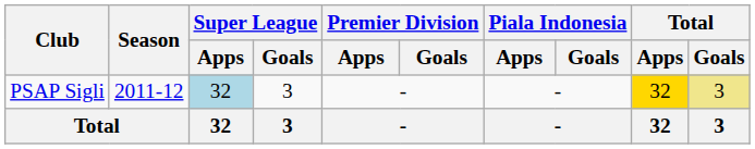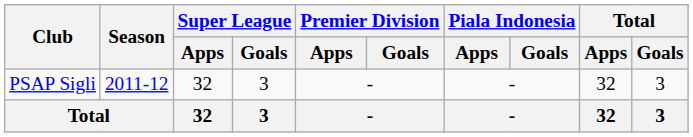 <table class="wikitable" style="font-size:90%; text-align:center;">
 <tr>
 <th rowspan="2">Club</th>
 <th rowspan="2">Season</th>
 <th colspan="2"><a href='#'>Super League</a></th>
 <th colspan="2"><a href='#'>Premier Division</a></th>
 <th colspan="2"><a href='#'>Piala Indonesia</a></th>
 <th colspan="2">Total</th>
 </tr>
 <tr>
 <th>Apps</th>
 <th>Goals</th>
 <th>Apps</th>
 <th>Goals</th>
 <th>Apps</th>
 <th>Goals</th>
 <th>Apps</th>
 <th>Goals</th>
 </tr>
 <tr>
 <td rowspan="1"><a href='#'>PSAP Sigli</a></td>
 <td><a href='#'>2011-12</a></td>
-<td style="background: lightblue;">32</td>
+<td>32</td>
 <td>3</td>
 <td colspan="2">-</td>
 <td colspan="2">-</td>
-<td style="background: gold;">32</td>
-<td style="background: khaki;">3</td>
+<td>32</td>
+<td>3</td>
 </tr>
 <tr>
 <th colspan="2">Total</th>
 <th>32</th>
 <th>3</th>
 <th colspan="2">-</th>
 <th colspan="2">-</th>
 <th>32</th>
 <th>3</th>
 </tr>
 </table>
